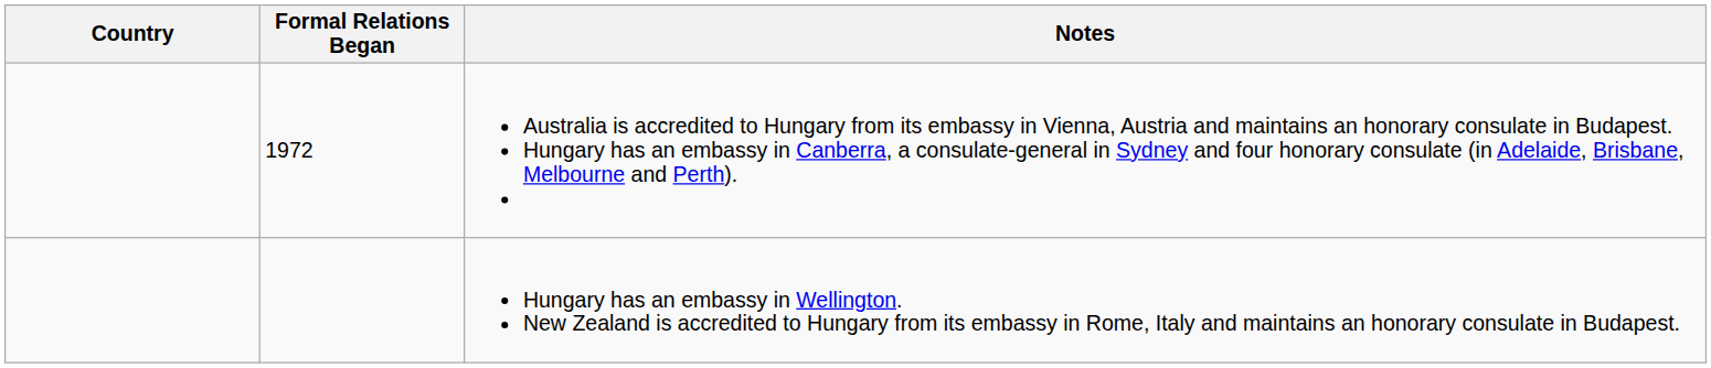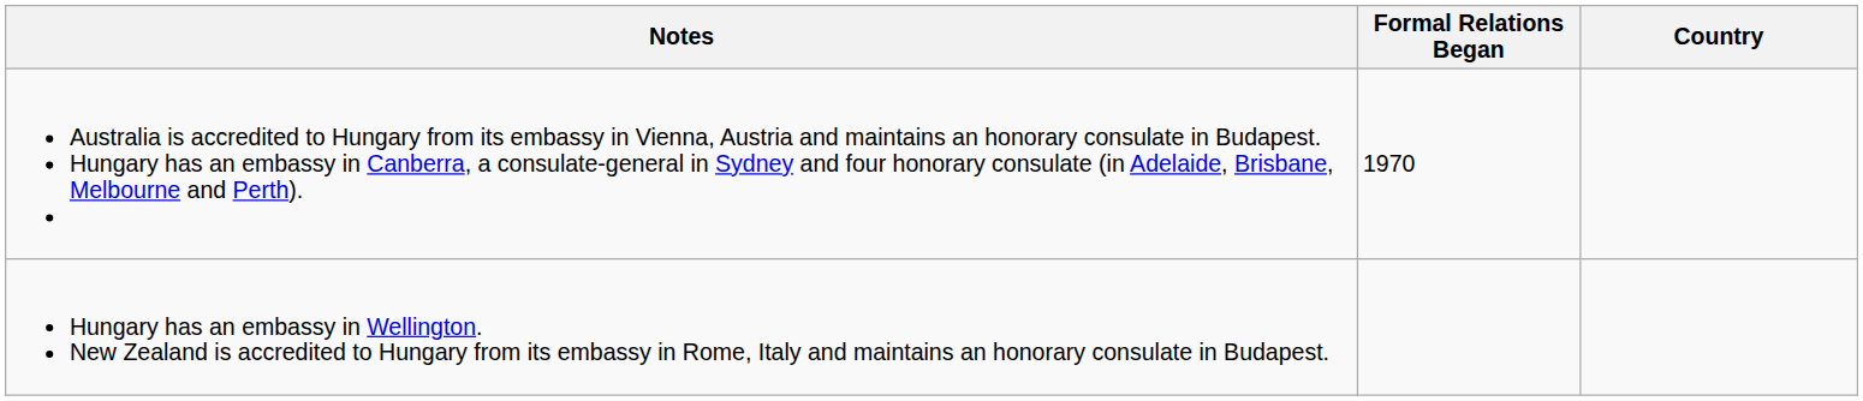 <table class="wikitable sortable" border="1" style="width:100%; margin:auto;">
 <tr>
+<th>Notes</th>
+<th width="12%">Formal Relations Began</th>
 <th width="15%">Country</th>
-<th width="12%">Formal Relations Began</th>
-<th>Notes</th>
 </tr>
 <tr -valign="top">
+<td><br><ul><li>Australia is accredited to Hungary from its embassy in Vienna, Austria and maintains an honorary consulate in Budapest.</li><li>Hungary has an embassy in <a href='#'>Canberra</a>, a consulate-general in <a href='#'>Sydney</a> and four honorary consulate (in <a href='#'>Adelaide</a>, <a href='#'>Brisbane</a>, <a href='#'>Melbourne</a> and <a href='#'>Perth</a>).</li><li></li></ul></td>
+<td> 1970</td>
 <td></td>
-<td> 1972</td>
-<td><br><ul><li>Australia is accredited to Hungary from its embassy in Vienna, Austria and maintains an honorary consulate in Budapest.</li><li>Hungary has an embassy in <a href='#'>Canberra</a>, a consulate-general in <a href='#'>Sydney</a> and four honorary consulate (in <a href='#'>Adelaide</a>, <a href='#'>Brisbane</a>, <a href='#'>Melbourne</a> and <a href='#'>Perth</a>).</li><li></li></ul></td>
 </tr>
 <tr -valign="top">
+<td><br><ul><li>Hungary has an embassy in <a href='#'>Wellington</a>.</li><li>New Zealand is accredited to Hungary from its embassy in Rome, Italy and maintains an honorary consulate in Budapest.</li></ul></td>
 <td></td>
 <td></td>
-<td><br><ul><li>Hungary has an embassy in <a href='#'>Wellington</a>.</li><li>New Zealand is accredited to Hungary from its embassy in Rome, Italy and maintains an honorary consulate in Budapest.</li></ul></td>
 </tr>
 </table>
